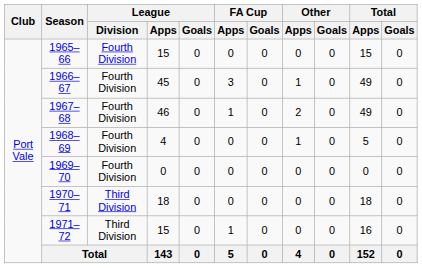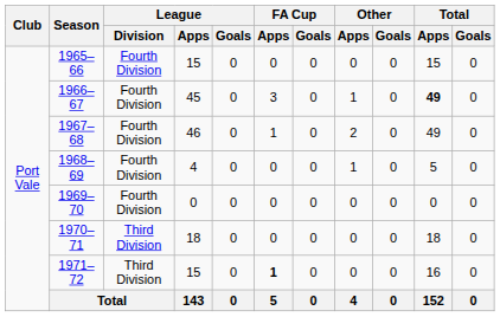 <table class="wikitable" style="text-align: center;">
 <tr>
 <th rowspan="2">Club</th>
 <th rowspan="2">Season</th>
 <th colspan="3">League</th>
 <th colspan="2">FA Cup</th>
 <th colspan="2">Other</th>
 <th colspan="2">Total</th>
 </tr>
 <tr>
 <th>Division</th>
 <th>Apps</th>
 <th>Goals</th>
 <th>Apps</th>
 <th>Goals</th>
 <th>Apps</th>
 <th>Goals</th>
 <th>Apps</th>
 <th>Goals</th>
 </tr>
 <tr>
 <td rowspan="8"><a href='#'>Port Vale</a></td>
 <td><a href='#'>1965–66</a></td>
 <td><a href='#'>Fourth Division</a></td>
 <td>15</td>
 <td>0</td>
 <td>0</td>
 <td>0</td>
 <td>0</td>
 <td>0</td>
 <td>15</td>
 <td>0</td>
 </tr>
 <tr>
 <td><a href='#'>1966–67</a></td>
 <td>Fourth Division</td>
 <td>45</td>
 <td>0</td>
 <td>3</td>
 <td>0</td>
 <td>1</td>
 <td>0</td>
-<td>49</td>
+<td><strong>49</strong></td>
 <td>0</td>
 </tr>
 <tr>
 <td><a href='#'>1967–68</a></td>
 <td>Fourth Division</td>
 <td>46</td>
 <td>0</td>
 <td>1</td>
 <td>0</td>
 <td>2</td>
 <td>0</td>
 <td>49</td>
 <td>0</td>
 </tr>
 <tr>
 <td><a href='#'>1968–69</a></td>
 <td>Fourth Division</td>
 <td>4</td>
 <td>0</td>
 <td>0</td>
 <td>0</td>
 <td>1</td>
 <td>0</td>
 <td>5</td>
 <td>0</td>
 </tr>
 <tr>
 <td><a href='#'>1969–70</a></td>
 <td>Fourth Division</td>
 <td>0</td>
 <td>0</td>
 <td>0</td>
 <td>0</td>
 <td>0</td>
 <td>0</td>
 <td>0</td>
 <td>0</td>
 </tr>
 <tr>
 <td><a href='#'>1970–71</a></td>
 <td><a href='#'>Third Division</a></td>
 <td>18</td>
 <td>0</td>
 <td>0</td>
 <td>0</td>
 <td>0</td>
 <td>0</td>
 <td>18</td>
 <td>0</td>
 </tr>
 <tr>
 <td><a href='#'>1971–72</a></td>
 <td>Third Division</td>
 <td>15</td>
 <td>0</td>
-<td>1</td>
+<td><strong>1</strong></td>
 <td>0</td>
 <td>0</td>
 <td>0</td>
 <td>16</td>
 <td>0</td>
 </tr>
 <tr>
 <th colspan="2">Total</th>
 <th>143</th>
 <th>0</th>
 <th>5</th>
 <th>0</th>
 <th>4</th>
 <th>0</th>
 <th>152</th>
 <th>0</th>
 </tr>
 </table>
